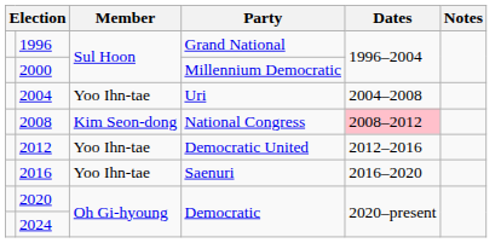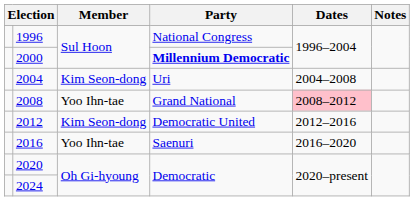 <table class="wikitable">
 <tr>
 <th colspan="2">Election</th>
 <th>Member</th>
 <th>Party</th>
 <th>Dates</th>
 <th>Notes</th>
 </tr>
 <tr>
 <td></td>
 <td><a href='#'>1996</a></td>
 <td rowspan="2"><a href='#'>Sul Hoon</a></td>
-<td><a href='#'>Grand National</a></td>
+<td><a href='#'>National Congress</a></td>
 <td rowspan="2">1996–2004</td>
 <td rowspan="2"></td>
 </tr>
 <tr>
 <td></td>
 <td><a href='#'>2000</a></td>
-<td><a href='#'>Millennium Democratic</a></td>
+<td><strong><a href='#'>Millennium Democratic</a></strong></td>
 </tr>
 <tr>
 <td></td>
 <td><a href='#'>2004</a></td>
-<td>Yoo Ihn-tae</td>
+<td><a href='#'>Kim Seon-dong</a></td>
 <td><a href='#'>Uri</a></td>
 <td>2004–2008</td>
 <td></td>
 </tr>
 <tr>
 <td></td>
 <td><a href='#'>2008</a></td>
-<td><a href='#'>Kim Seon-dong</a></td>
-<td><a href='#'>National Congress</a></td>
+<td>Yoo Ihn-tae</td>
+<td><a href='#'>Grand National</a></td>
 <td style="background: pink;">2008–2012</td>
 <td></td>
 </tr>
 <tr>
 <td></td>
 <td><a href='#'>2012</a></td>
-<td>Yoo Ihn-tae</td>
+<td><a href='#'>Kim Seon-dong</a></td>
 <td><a href='#'>Democratic United</a></td>
 <td>2012–2016</td>
 <td></td>
 </tr>
 <tr>
 <td></td>
 <td><a href='#'>2016</a></td>
 <td>Yoo Ihn-tae</td>
 <td><a href='#'>Saenuri</a></td>
 <td>2016–2020</td>
 <td></td>
 </tr>
 <tr>
 <td></td>
 <td><a href='#'>2020</a></td>
 <td rowspan="2"><a href='#'>Oh Gi-hyoung</a></td>
 <td rowspan="2"><a href='#'>Democratic</a></td>
 <td rowspan="2">2020–present</td>
 <td rowspan="2"></td>
 </tr>
 <tr>
 <td></td>
 <td><a href='#'>2024</a></td>
 </tr>
 </table>
